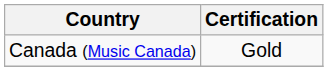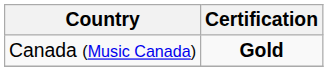 <table class="wikitable">
 <tr>
 <th>Country</th>
 <th>Certification</th>
 </tr>
 <tr>
 <td>Canada <small>(<a href='#'>Music Canada</a>)</small></td>
-<td style="text-align:center;">Gold</td>
+<td style="text-align:center;"><strong>Gold</strong></td>
 </tr>
 <tr>
 </tr>
 </table>
